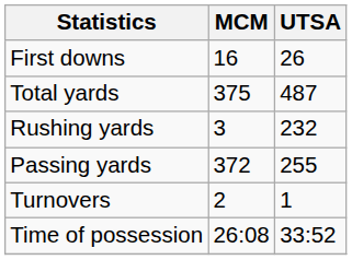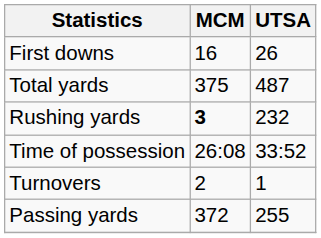 <table class="wikitable">
 <tr>
 <th>Statistics</th>
 <th>MCM</th>
 <th>UTSA</th>
 </tr>
 <tr>
 <td>First downs</td>
 <td>16</td>
 <td>26</td>
 </tr>
 <tr>
 <td>Total yards</td>
 <td>375</td>
 <td>487</td>
 </tr>
 <tr>
 <td>Rushing yards</td>
-<td>3</td>
+<td><strong>3</strong></td>
 <td>232</td>
+</tr>
+<tr>
+<td>Time of possession</td>
+<td>26:08</td>
+<td>33:52</td>
+</tr>
+<tr>
+<td>Turnovers</td>
+<td>2</td>
+<td>1</td>
 </tr>
 <tr>
 <td>Passing yards</td>
 <td>372</td>
 <td>255</td>
 </tr>
 <tr>
-<td>Turnovers</td>
-<td>2</td>
-<td>1</td>
-</tr>
-<tr>
-<td>Time of possession</td>
-<td>26:08</td>
-<td>33:52</td>
-</tr>
-<tr>
 </tr>
 </table>
